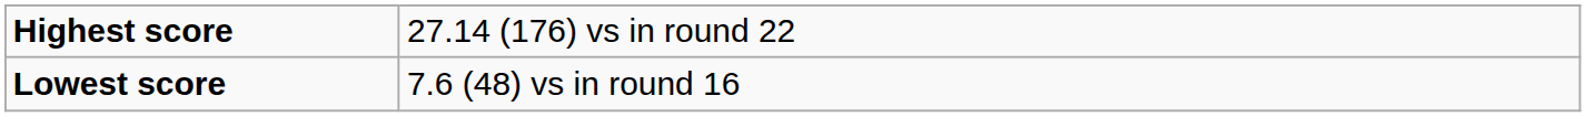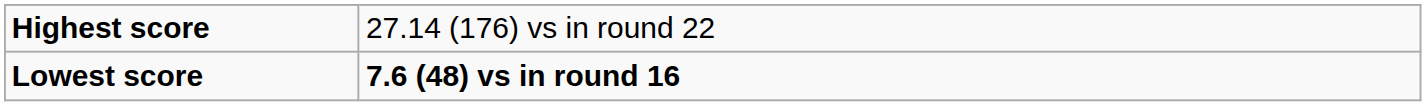 <table class="wikitable" style="width:60%;">
 <tr>
 <td style="width:25%;"><strong>Highest score</strong></td>
 <td>27.14 (176) vs  in round 22</td>
 </tr>
 <tr>
 <td style="width:25%;"><strong>Lowest score</strong></td>
-<td>7.6 (48) vs  in round 16</td>
+<td><strong>7.6 (48) vs  in round 16</strong></td>
 </tr>
 </table>
